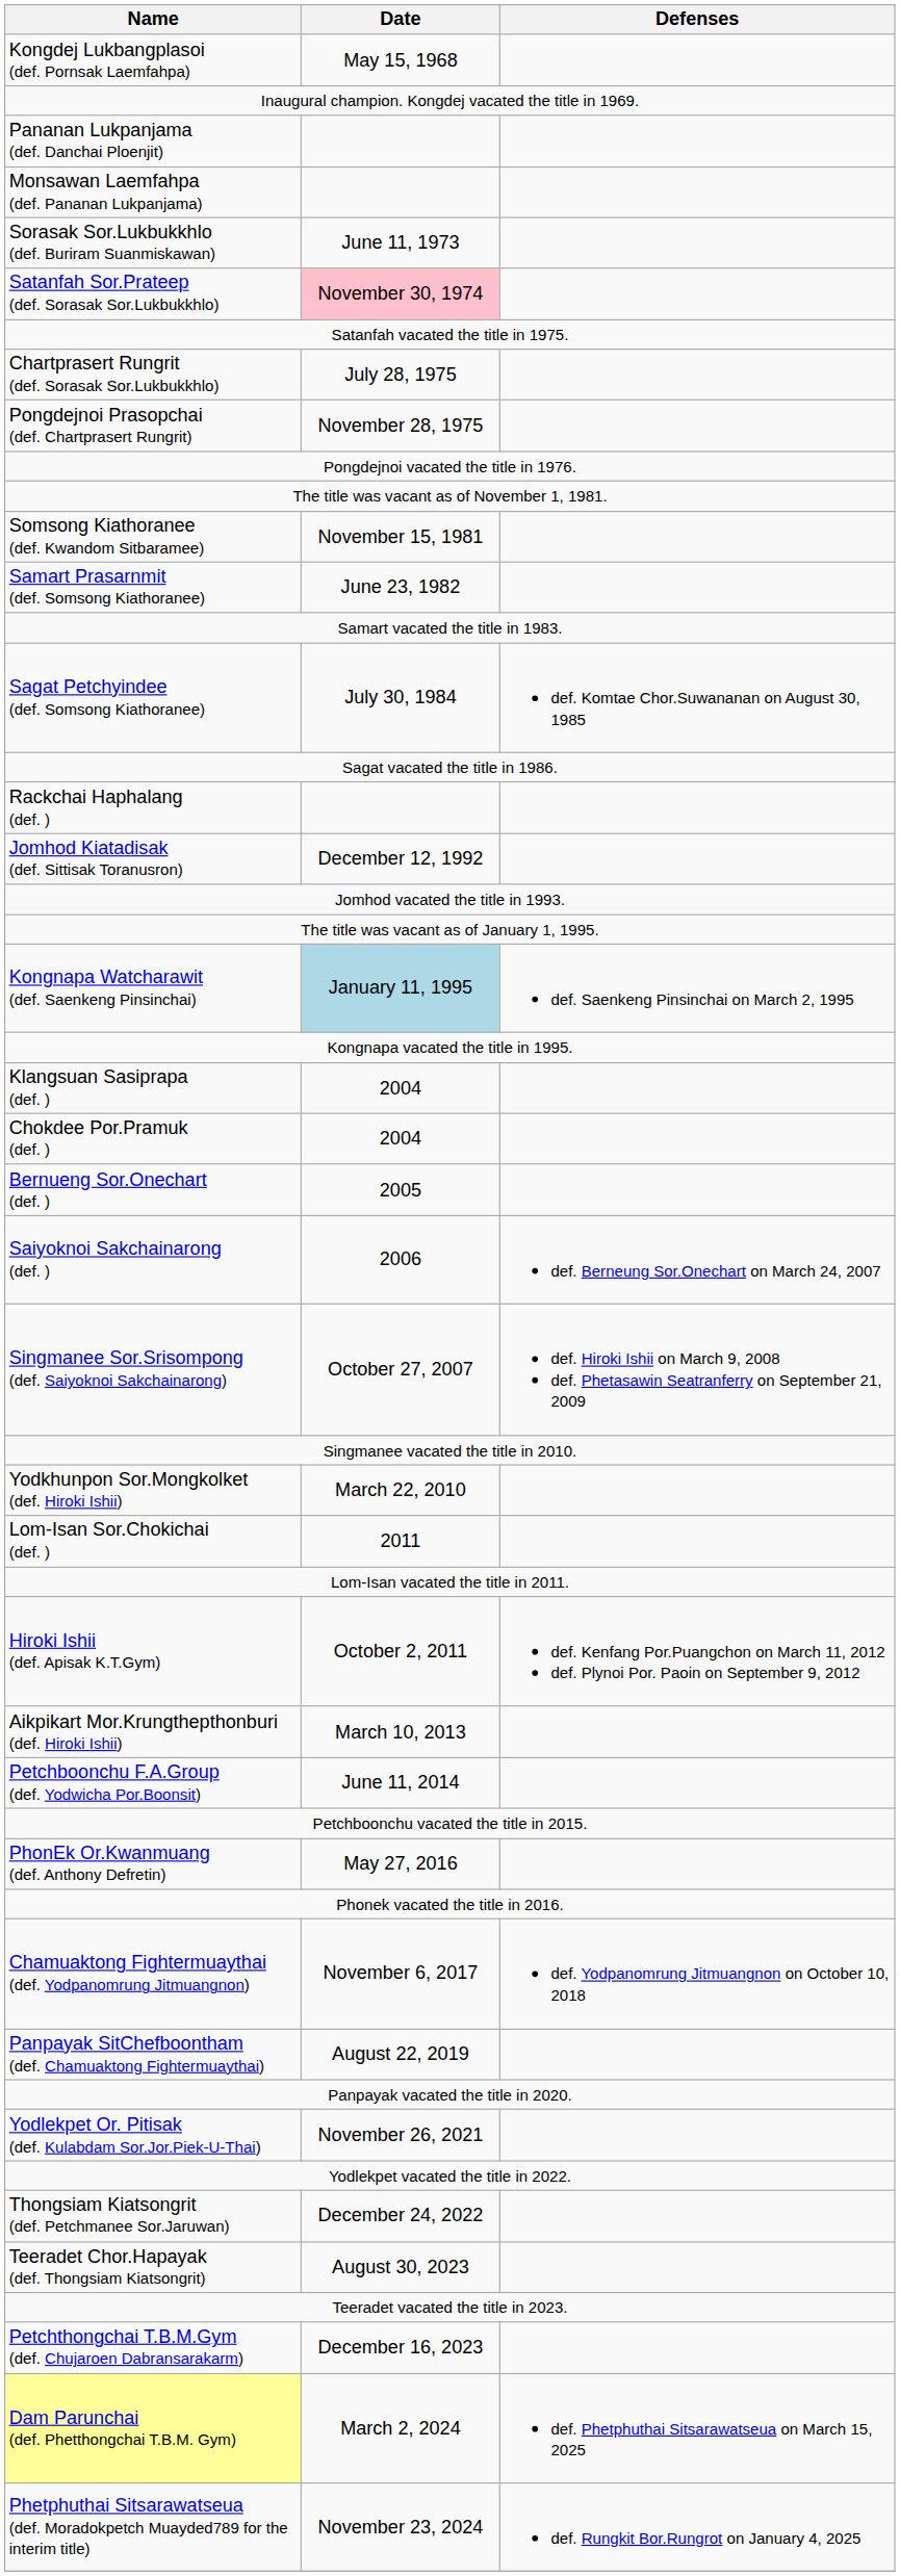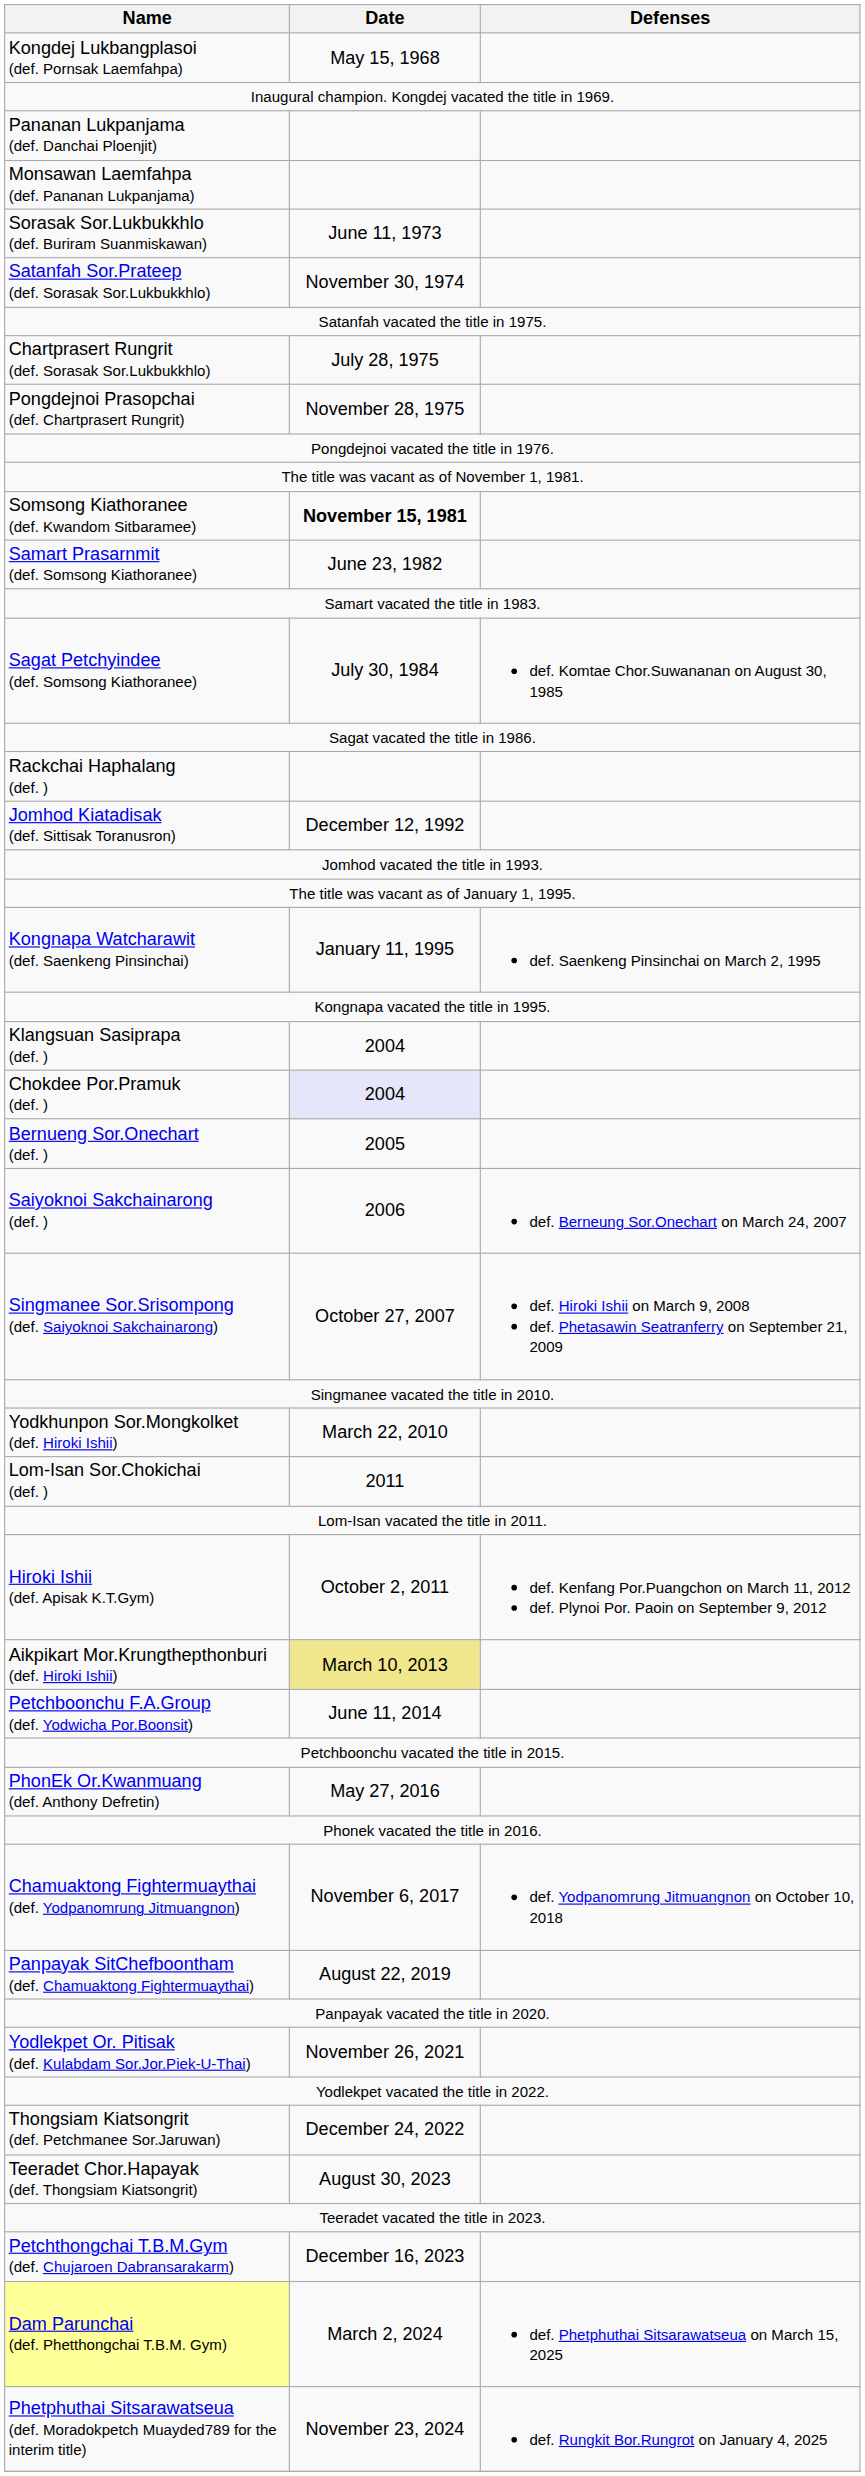 <table class="wikitable" width=60%>
 <tr>
 <th width=30%>Name</th>
 <th width=20%>Date</th>
 <th width=40%>Defenses</th>
 </tr>
 <tr>
 <td align=left> Kongdej Lukbangplasoi<br><small>(def. Pornsak Laemfahpa)</small></td>
 <td align=center>May 15, 1968</td>
 <td></td>
 </tr>
 <tr>
 <td colspan=4 align=center><small>Inaugural champion. Kongdej vacated the title in 1969.</small></td>
 </tr>
 <tr>
 <td align=left> Pananan Lukpanjama <br><small>(def. Danchai Ploenjit)</small></td>
 <td align=center></td>
 <td></td>
 </tr>
 <tr>
 <td align=left> Monsawan Laemfahpa <br><small>(def. Pananan Lukpanjama)</small></td>
 <td align=center></td>
 <td></td>
 </tr>
 <tr>
 <td align=left> Sorasak Sor.Lukbukkhlo <br><small>(def. Buriram Suanmiskawan)</small></td>
 <td align=center>June 11, 1973</td>
 <td></td>
 </tr>
 <tr>
 <td align=left> <a href='#'>Satanfah Sor.Prateep</a> <br><small>(def. Sorasak Sor.Lukbukkhlo)</small></td>
-<td align=center style="background: pink;">November 30, 1974</td>
+<td align=center>November 30, 1974</td>
 <td></td>
 </tr>
 <tr>
 <td colspan=4 align=center><small>Satanfah vacated the title in 1975.</small></td>
 </tr>
 <tr>
 <td align=left> Chartprasert Rungrit <br><small>(def. Sorasak Sor.Lukbukkhlo)</small></td>
 <td align=center>July 28, 1975</td>
 </tr>
 <tr>
 <td align=left> Pongdejnoi Prasopchai <br><small>(def. Chartprasert Rungrit)</small></td>
 <td align=center>November 28, 1975</td>
 <td></td>
 </tr>
 <tr>
 <td colspan=4 align=center><small>Pongdejnoi vacated the title in 1976.</small></td>
 </tr>
 <tr>
 <td colspan=4 align=center><small>The title was vacant as of November 1, 1981.</small></td>
 </tr>
 <tr>
 <td align=left> Somsong Kiathoranee <br><small>(def. Kwandom Sitbaramee)</small></td>
-<td align=center>November 15, 1981</td>
+<td align=center><strong>November 15, 1981</strong></td>
 <td></td>
 </tr>
 <tr>
 <td align=left> <a href='#'>Samart Prasarnmit</a> <br><small>(def. Somsong Kiathoranee)</small></td>
 <td align=center>June 23, 1982</td>
 <td></td>
 </tr>
 <tr>
 <td colspan=4 align=center><small>Samart vacated the title in 1983.</small></td>
 </tr>
 <tr>
 <td align=left> <a href='#'>Sagat Petchyindee</a> <br><small>(def. Somsong Kiathoranee)</small></td>
 <td align=center>July 30, 1984</td>
 <td><br><ul><li><small>def. Komtae Chor.Suwananan on August 30, 1985</small></li></ul></td>
 </tr>
 <tr>
 <td colspan=4 align=center><small>Sagat vacated the title in 1986.</small></td>
 </tr>
 <tr>
 <td align=left> Rackchai Haphalang <br><small>(def. )</small></td>
 <td align=center></td>
 <td></td>
 </tr>
 <tr>
 <td align=left> <a href='#'>Jomhod Kiatadisak</a> <br><small>(def. Sittisak Toranusron)</small></td>
 <td align=center>December 12, 1992</td>
 <td></td>
 </tr>
 <tr>
 <td colspan=4 align=center><small>Jomhod vacated the title in 1993.</small></td>
 </tr>
 <tr>
 <td colspan=4 align=center><small>The title was vacant as of January 1, 1995.</small></td>
 </tr>
 <tr>
 <td align=left> <a href='#'>Kongnapa Watcharawit</a> <br><small>(def. Saenkeng Pinsinchai)</small></td>
-<td align=center style="background: lightblue;">January 11, 1995</td>
+<td align=center>January 11, 1995</td>
 <td><br><ul><li><small>def. Saenkeng Pinsinchai on March 2, 1995</small></li></ul></td>
 </tr>
 <tr>
 <td colspan=4 align=center><small>Kongnapa vacated the title in 1995.</small></td>
 </tr>
 <tr>
 <td align=left> Klangsuan Sasiprapa <br><small>(def. )</small></td>
 <td align=center>2004</td>
 <td></td>
 </tr>
 <tr>
 <td align=left> Chokdee Por.Pramuk <br><small>(def. )</small></td>
-<td align=center>2004</td>
+<td align=center style="background: lavender;">2004</td>
 <td></td>
 </tr>
 <tr>
 <td align=left> <a href='#'>Bernueng Sor.Onechart</a> <br><small>(def. )</small></td>
 <td align=center>2005</td>
 <td></td>
 </tr>
 <tr>
 <td align=left> <a href='#'>Saiyoknoi Sakchainarong</a> <br><small>(def. )</small></td>
 <td align=center>2006</td>
 <td><br><ul><li><small>def. <a href='#'>Berneung Sor.Onechart</a> on March 24, 2007</small></li></ul></td>
 </tr>
 <tr>
 <td align=left> <a href='#'>Singmanee Sor.Srisompong</a> <br><small>(def. <a href='#'>Saiyoknoi Sakchainarong</a>)</small></td>
 <td align=center>October 27, 2007</td>
 <td><br><ul><li><small>def. <a href='#'>Hiroki Ishii</a> on March 9, 2008</small></li><li><small>def. <a href='#'>Phetasawin Seatranferry</a> on September 21, 2009</small></li></ul></td>
 </tr>
 <tr>
 <td colspan=4 align=center><small>Singmanee vacated the title in 2010.</small></td>
 </tr>
 <tr>
 <td align=left> Yodkhunpon Sor.Mongkolket  <br><small>(def. <a href='#'>Hiroki Ishii</a>)</small></td>
 <td align=center>March 22, 2010</td>
 <td></td>
 </tr>
 <tr>
 <td align=left> Lom-Isan Sor.Chokichai <br><small>(def. )</small></td>
 <td align=center>2011</td>
 <td></td>
 </tr>
 <tr>
 <td colspan=4 align=center><small>Lom-Isan vacated the title in 2011.</small></td>
 </tr>
 <tr>
 <td align=left> <a href='#'>Hiroki Ishii</a> <br><small>(def. Apisak K.T.Gym)</small></td>
 <td align=center>October 2, 2011</td>
 <td><br><ul><li><small>def. Kenfang Por.Puangchon on March 11, 2012</small></li><li><small>def. Plynoi Por. Paoin on September 9, 2012</small></li></ul></td>
 </tr>
 <tr>
 <td align=left> Aikpikart Mor.Krungthepthonburi<br><small>(def. <a href='#'>Hiroki Ishii</a>)</small></td>
-<td align=center>March 10, 2013</td>
+<td align=center style="background: khaki;">March 10, 2013</td>
 <td></td>
 </tr>
 <tr>
 <td align=left> <a href='#'>Petchboonchu F.A.Group</a><br><small>(def. <a href='#'>Yodwicha Por.Boonsit</a>)</small></td>
 <td align=center>June 11, 2014</td>
 <td></td>
 </tr>
 <tr>
 <td colspan=4 align=center><small>Petchboonchu vacated the title in 2015.</small></td>
 </tr>
 <tr>
 <td align=left> <a href='#'>PhonEk Or.Kwanmuang</a><br><small>(def. Anthony Defretin)</small></td>
 <td align=center>May 27, 2016</td>
 <td></td>
 </tr>
 <tr>
 <td colspan=4 align=center><small>Phonek vacated the title in 2016.</small></td>
 </tr>
 <tr>
 <td align=left> <a href='#'>Chamuaktong Fightermuaythai</a><br><small>(def. <a href='#'>Yodpanomrung Jitmuangnon</a>)</small></td>
 <td align=center>November 6, 2017</td>
 <td><br><ul><li><small>def. <a href='#'>Yodpanomrung Jitmuangnon</a> on October 10, 2018</small></li></ul></td>
 </tr>
 <tr>
 <td align=left> <a href='#'>Panpayak SitChefboontham</a><br><small>(def. <a href='#'>Chamuaktong Fightermuaythai</a>)</small></td>
 <td align=center>August 22, 2019</td>
 <td></td>
 </tr>
 <tr>
 <td colspan=4 align=center><small>Panpayak vacated the title in 2020.</small></td>
 </tr>
 <tr>
 <td align=left> <a href='#'>Yodlekpet Or. Pitisak</a><br><small>(def. <a href='#'>Kulabdam Sor.Jor.Piek-U-Thai</a>)</small></td>
 <td align=center>November 26, 2021</td>
 <td></td>
 </tr>
 <tr>
 <td colspan=4 align=center><small>Yodlekpet vacated the title in 2022.</small></td>
 </tr>
 <tr>
 <td align=left> Thongsiam Kiatsongrit <br><small>(def. Petchmanee Sor.Jaruwan)</small></td>
 <td align=center>December 24, 2022</td>
 <td></td>
 </tr>
 <tr>
 <td align=left> Teeradet Chor.Hapayak <br><small>(def. Thongsiam Kiatsongrit)</small></td>
 <td align=center>August 30, 2023</td>
 <td></td>
 </tr>
 <tr>
 <td colspan=4 align=center><small>Teeradet vacated the title in 2023.</small></td>
 </tr>
 <tr>
 <td align=left> <a href='#'>Petchthongchai T.B.M.Gym</a> <br><small>(def. <a href='#'>Chujaroen Dabransarakarm</a>)</small></td>
 <td align=center>December 16, 2023</td>
 <td></td>
 </tr>
 <tr>
 <td align=left bgcolor="#FFFF99"> <a href='#'>Dam Parunchai</a> <br><small>(def. Phetthongchai T.B.M. Gym)</small></td>
 <td align=center>March 2, 2024</td>
 <td><br><ul><li><small>def. <a href='#'>Phetphuthai Sitsarawatseua</a> on March 15, 2025</small></li></ul></td>
 </tr>
 <tr>
 <td align=left> <a href='#'>Phetphuthai Sitsarawatseua</a> <br><small>(def. Moradokpetch Muayded789 for the interim title)</small></td>
 <td align=center>November 23, 2024</td>
 <td><br><ul><li><small>def. <a href='#'>Rungkit Bor.Rungrot</a> on January 4, 2025</small></li></ul></td>
 </tr>
 <tr>
 </tr>
 </table>
